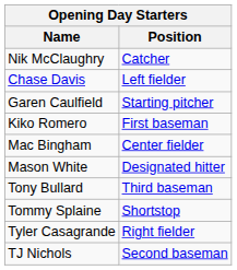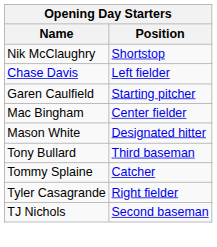 <table class="wikitable">
 <tr>
 <th colspan="2">Opening Day Starters</th>
 </tr>
 <tr>
 <th>Name</th>
 <th>Position</th>
 </tr>
 <tr>
 <td>Nik McClaughry</td>
-<td><a href='#'>Catcher</a></td>
+<td><a href='#'>Shortstop</a></td>
 </tr>
 <tr>
 <td><a href='#'>Chase Davis</a></td>
 <td><a href='#'>Left fielder</a></td>
 </tr>
 <tr>
 <td>Garen Caulfield</td>
 <td><a href='#'>Starting pitcher</a></td>
-</tr>
-<tr>
-<td>Kiko Romero</td>
-<td><a href='#'>First baseman</a></td>
 </tr>
 <tr>
 <td>Mac Bingham</td>
 <td><a href='#'>Center fielder</a></td>
 </tr>
 <tr>
 <td>Mason White</td>
 <td><a href='#'>Designated hitter</a></td>
 </tr>
 <tr>
 <td>Tony Bullard</td>
 <td><a href='#'>Third baseman</a></td>
 </tr>
 <tr>
 <td>Tommy Splaine</td>
-<td><a href='#'>Shortstop</a></td>
+<td><a href='#'>Catcher</a></td>
 </tr>
 <tr>
 <td>Tyler Casagrande</td>
 <td><a href='#'>Right fielder</a></td>
 </tr>
 <tr>
 <td>TJ Nichols</td>
 <td><a href='#'>Second baseman</a></td>
 </tr>
 </table>
